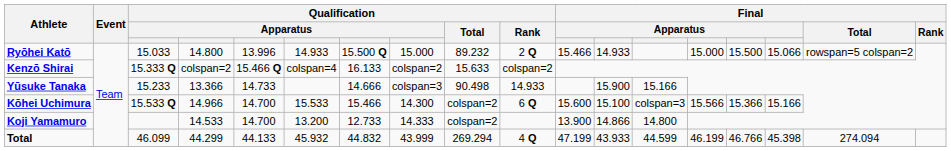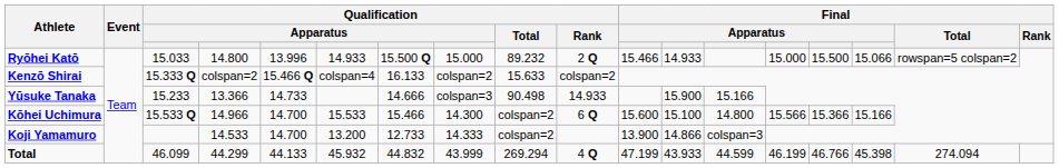 <table class="wikitable" style="font-size:90%">
 <tr>
 <th rowspan=3>Athlete</th>
 <th rowspan=3>Event</th>
 <th colspan =8>Qualification</th>
 <th colspan =8>Final</th>
 </tr>
 <tr style="font-size:95%">
 <th colspan=6>Apparatus</th>
 <th rowspan=2>Total</th>
 <th rowspan=2>Rank</th>
 <th colspan=6>Apparatus</th>
 <th rowspan=2>Total</th>
 <th rowspan=2>Rank</th>
 </tr>
 <tr style="font-size:95%">
 <th></th>
 <th></th>
 <th></th>
 <th></th>
 <th></th>
 <th></th>
 <th></th>
 <th></th>
 <th></th>
 <th></th>
 <th></th>
 <th></th>
 </tr>
 <tr align=center>
 <td align=left><strong><a href='#'>Ryōhei Katō</a></strong></td>
 <td align=left rowspan=6><a href='#'>Team</a></td>
 <td>15.033</td>
 <td>14.800</td>
 <td>13.996</td>
 <td>14.933</td>
 <td>15.500 <strong>Q</strong></td>
 <td>15.000</td>
 <td>89.232</td>
 <td>2 <strong>Q</strong></td>
 <td>15.466</td>
 <td>14.933</td>
 <td></td>
 <td>15.000</td>
 <td>15.500</td>
 <td>15.066</td>
 <td>rowspan=5 colspan=2 </td>
 </tr>
 <tr align=center>
 <td align=left><strong><a href='#'>Kenzō Shirai</a></strong></td>
 <td>15.333 <strong>Q</strong></td>
 <td>colspan=2 </td>
 <td>15.466 <strong>Q</strong></td>
 <td>colspan=4 </td>
 <td>16.133</td>
 <td>colspan=2 </td>
 <td>15.633</td>
 <td>colspan=2 </td>
 </tr>
 <tr align=center>
 <td align=left><strong><a href='#'>Yūsuke Tanaka</a></strong></td>
 <td>15.233</td>
 <td>13.366</td>
 <td>14.733</td>
 <td></td>
 <td>14.666</td>
 <td>colspan=3 </td>
 <td>90.498</td>
 <td>14.933</td>
 <td></td>
 <td>15.900</td>
 <td>15.166</td>
 </tr>
 <tr align=center>
 <td align=left><strong><a href='#'>Kōhei Uchimura</a></strong></td>
 <td>15.533 <strong>Q</strong></td>
 <td>14.966</td>
 <td>14.700</td>
 <td>15.533</td>
 <td>15.466</td>
 <td>14.300</td>
 <td>colspan=2 </td>
 <td>6 <strong>Q</strong></td>
 <td>15.600</td>
 <td>15.100</td>
-<td>colspan=3 </td>
+<td>14.800</td>
 <td>15.566</td>
 <td>15.366</td>
 <td>15.166</td>
 </tr>
 <tr align=center>
 <td align=left><strong><a href='#'>Koji Yamamuro</a></strong></td>
 <td></td>
 <td>14.533</td>
 <td>14.700</td>
 <td>13.200</td>
 <td>12.733</td>
 <td>14.333</td>
 <td>colspan=2 </td>
 <td></td>
 <td>13.900</td>
 <td>14.866</td>
-<td>14.800</td>
+<td>colspan=3 </td>
 </tr>
 <tr align=center>
 <td align=left><strong>Total</strong></td>
 <td>46.099</td>
 <td>44.299</td>
 <td>44.133</td>
 <td>45.932</td>
 <td>44.832</td>
 <td>43.999</td>
 <td>269.294</td>
 <td>4 <strong>Q</strong></td>
 <td>47.199</td>
 <td>43.933</td>
 <td>44.599</td>
 <td>46.199</td>
 <td>46.766</td>
 <td>45.398</td>
 <td>274.094</td>
 <td></td>
 </tr>
 </table>
